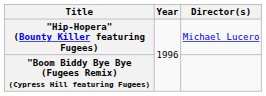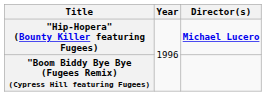 <table class="wikitable plainrowheaders" style="text-align:center;">
 <tr>
 <th scope="col" style="width:16em;">Title</th>
 <th scope="col">Year</th>
 <th scope="col">Director(s)</th>
 </tr>
 <tr>
 <th scope="row">"Hip-Hopera"<br><span>(<a href='#'>Bounty Killer</a> featuring Fugees)</span></th>
 <td rowspan="2">1996</td>
-<td><a href='#'>Michael Lucero</a></td>
+<td><strong><a href='#'>Michael Lucero</a></strong></td>
 </tr>
 <tr>
 <th>"Boom Biddy Bye Bye (Fugees Remix)<br><small>(Cypress Hill featuring Fugees)</small></th>
 <td></td>
 </tr>
 </table>
